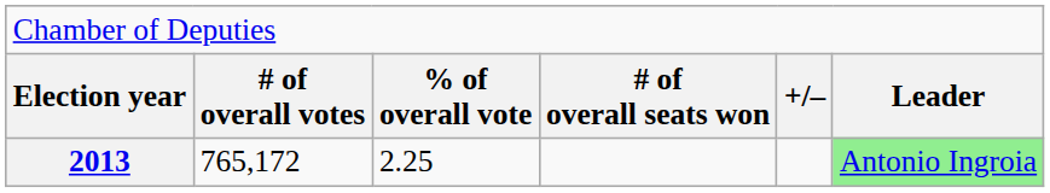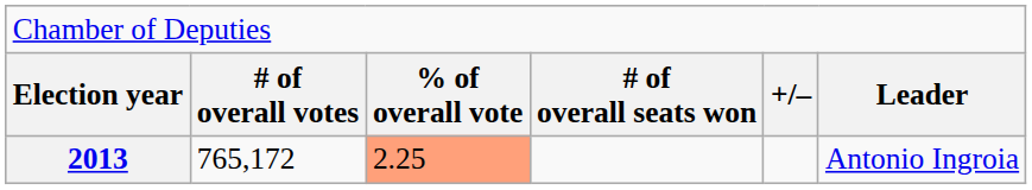 <table class=wikitable>
 <tr>
 <td colspan=6><a href='#'>Chamber of Deputies</a></td>
 </tr>
 <tr>
 <th>Election year</th>
 <th># of<br>overall votes</th>
 <th>% of<br>overall vote</th>
 <th># of<br>overall seats won</th>
 <th>+/–</th>
 <th>Leader</th>
 </tr>
 <tr>
 <th><a href='#'>2013</a></th>
 <td>765,172</td>
-<td>2.25</td>
+<td style="background: lightsalmon;">2.25</td>
 <td></td>
 <td></td>
-<td style="background: lightgreen;"><a href='#'>Antonio Ingroia</a></td>
+<td><a href='#'>Antonio Ingroia</a></td>
 </tr>
 </table>
